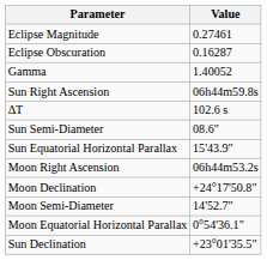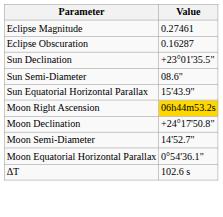 <table class="wikitable">
 <tr>
 <th>Parameter</th>
 <th>Value</th>
 </tr>
 <tr>
 <td>Eclipse Magnitude</td>
 <td>0.27461</td>
 </tr>
 <tr>
 <td>Eclipse Obscuration</td>
 <td>0.16287</td>
 </tr>
 <tr>
-<td>Gamma</td>
-<td>1.40052</td>
-</tr>
-<tr>
-<td>Sun Right Ascension</td>
-<td>06h44m59.8s</td>
-</tr>
-<tr>
-<td>ΔT</td>
-<td>102.6 s</td>
+<td>Sun Declination</td>
+<td>+23°01'35.5"</td>
 </tr>
 <tr>
 <td>Sun Semi-Diameter</td>
 <td>08.6"</td>
 </tr>
 <tr>
 <td>Sun Equatorial Horizontal Parallax</td>
 <td>15'43.9"</td>
 </tr>
 <tr>
 <td>Moon Right Ascension</td>
-<td>06h44m53.2s</td>
+<td style="background: gold;">06h44m53.2s</td>
 </tr>
 <tr>
 <td>Moon Declination</td>
 <td>+24°17'50.8"</td>
 </tr>
 <tr>
 <td>Moon Semi-Diameter</td>
 <td>14'52.7"</td>
 </tr>
 <tr>
 <td>Moon Equatorial Horizontal Parallax</td>
 <td>0°54'36.1"</td>
 </tr>
 <tr>
-<td>Sun Declination</td>
-<td>+23°01'35.5"</td>
+<td>ΔT</td>
+<td>102.6 s</td>
 </tr>
 </table>
